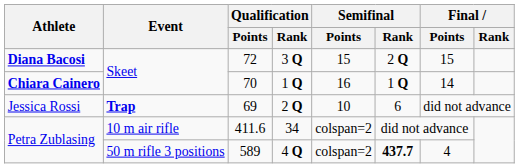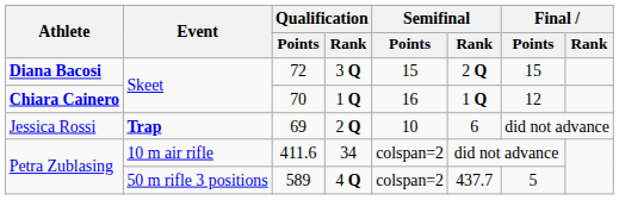 <table class="wikitable" style="font-size:90%">
 <tr>
 <th rowspan="2">Athlete</th>
 <th rowspan="2">Event</th>
 <th colspan=2>Qualification</th>
 <th colspan=2>Semifinal</th>
 <th colspan=2>Final / </th>
 </tr>
 <tr style="font-size:95%">
 <th>Points</th>
 <th>Rank</th>
 <th>Points</th>
 <th>Rank</th>
 <th>Points</th>
 <th>Rank</th>
 </tr>
 <tr align=center>
 <td align=left><strong><a href='#'>Diana Bacosi</a></strong></td>
 <td align=left rowspan=2><a href='#'>Skeet</a></td>
 <td>72</td>
 <td>3 <strong>Q</strong></td>
 <td>15</td>
 <td>2 <strong>Q</strong></td>
 <td>15</td>
 <td></td>
 </tr>
 <tr align=center>
 <td align=left><strong><a href='#'>Chiara Cainero</a></strong></td>
 <td>70</td>
 <td>1 <strong>Q</strong></td>
 <td>16</td>
 <td>1 <strong>Q</strong></td>
-<td>14</td>
+<td>12</td>
 <td></td>
 </tr>
 <tr align=center>
 <td align=left><a href='#'>Jessica Rossi</a></td>
 <td align=left><strong><a href='#'>Trap</a></strong></td>
 <td>69</td>
 <td>2 <strong>Q</strong></td>
 <td>10</td>
 <td>6</td>
 <td colspan=2>did not advance</td>
 </tr>
 <tr align=center>
 <td align=left rowspan=2><a href='#'>Petra Zublasing</a></td>
 <td align=left><a href='#'>10 m air rifle</a></td>
 <td>411.6</td>
 <td>34</td>
 <td>colspan=2 </td>
 <td colspan=2>did not advance</td>
 </tr>
 <tr align=center>
 <td align=left><a href='#'>50 m rifle 3 positions</a></td>
 <td>589 </td>
 <td>4 <strong>Q</strong></td>
 <td>colspan=2 </td>
-<td><strong>437.7</strong></td>
-<td>4</td>
+<td>437.7</td>
+<td>5</td>
 </tr>
 </table>
